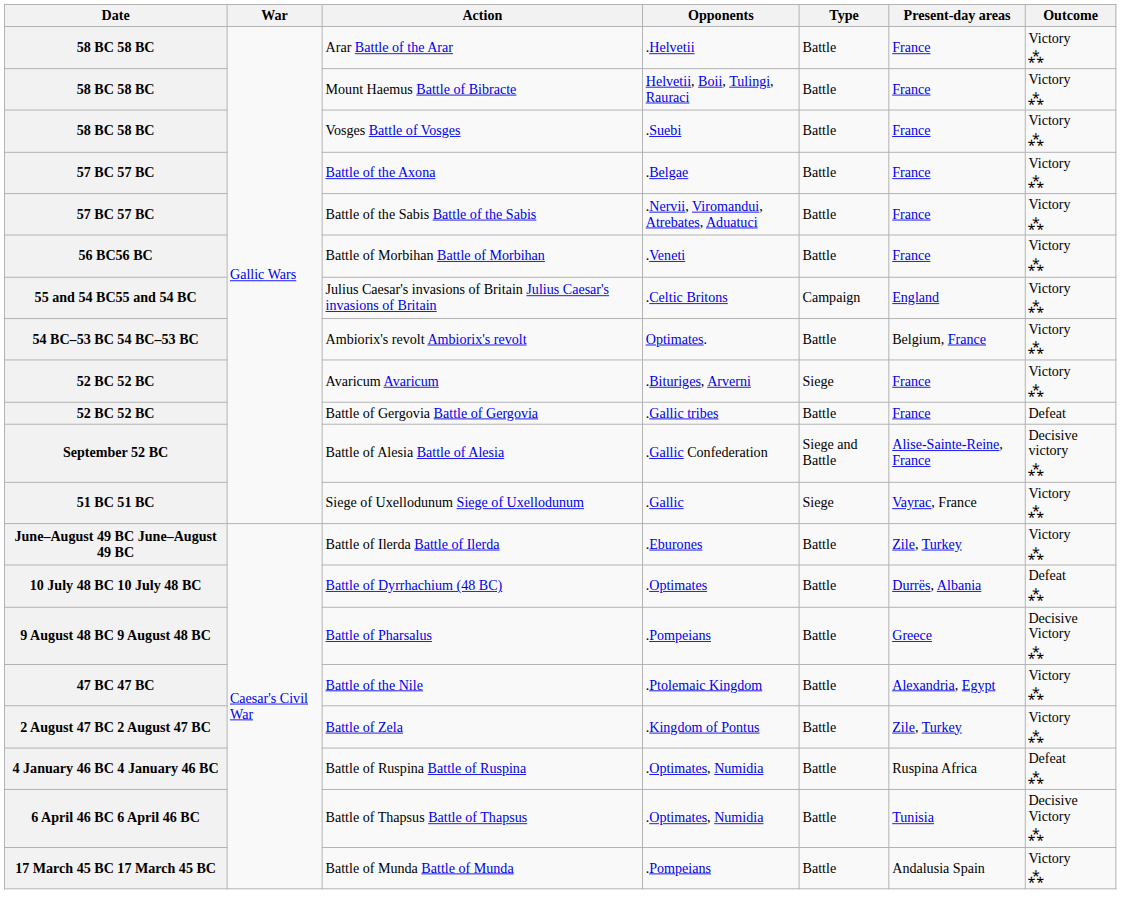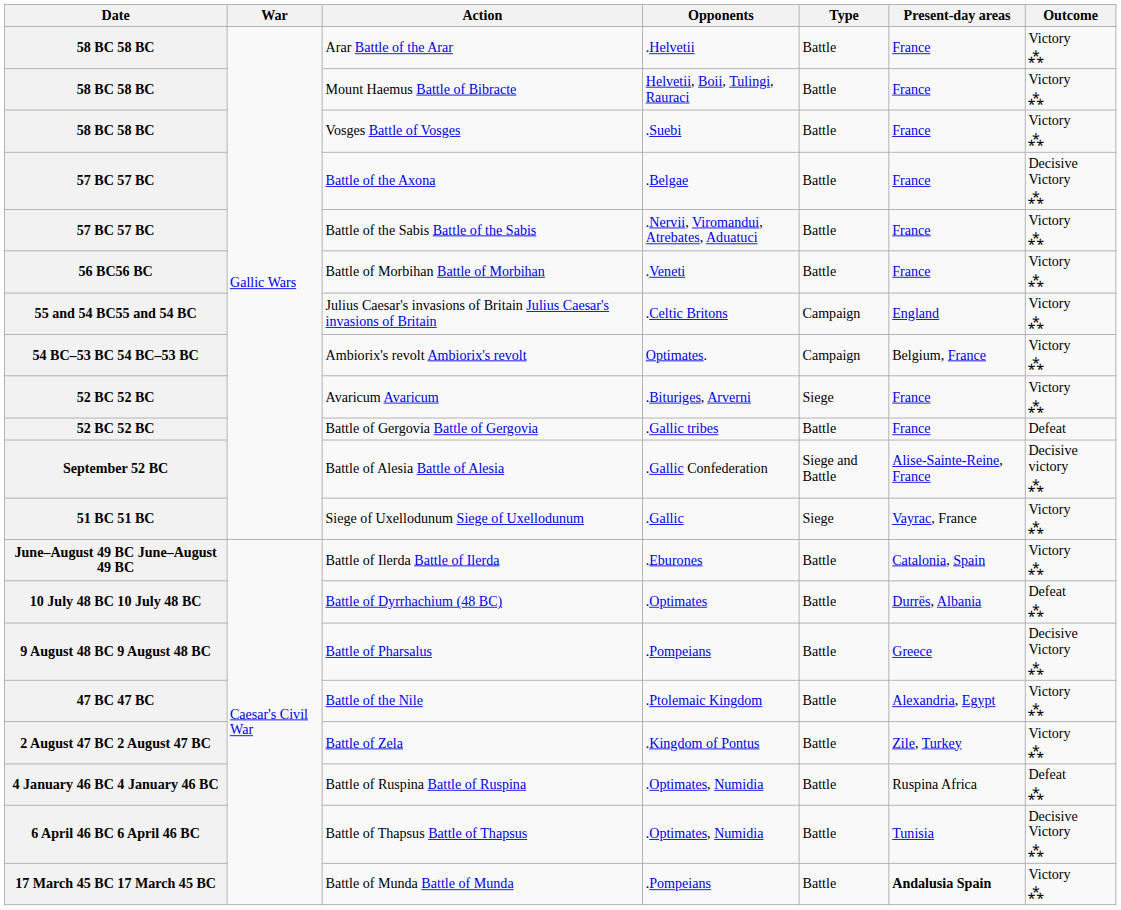 <table class="wikitable sortable" style="width:100%; margin:1em auto 1em auto;">
 <tr>
 <th style="width:20%;">Date</th>
 <th>War</th>
 <th>Action</th>
 <th>Opponents</th>
 <th>Type</th>
 <th>Present-day areas</th>
 <th>Outcome</th>
 </tr>
 <tr>
 <th scope="row"><span>58 BC</span> 58 BC</th>
 <td rowspan="12"><a href='#'>Gallic Wars</a></td>
 <td><span>Arar</span> <a href='#'>Battle of the Arar</a></td>
 <td><span>.</span><a href='#'>Helvetii</a></td>
 <td>Battle</td>
 <td><a href='#'>France</a></td>
 <td>Victory<br><span>⁂</span></td>
 </tr>
 <tr>
 <th scope="row"><span>58 BC</span> 58 BC</th>
 <td><span>Mount Haemus</span> <a href='#'>Battle of Bibracte</a></td>
 <td><a href='#'>Helvetii</a>, <a href='#'>Boii</a>, <a href='#'>Tulingi</a>, <a href='#'>Rauraci</a></td>
 <td>Battle</td>
 <td><a href='#'>France</a></td>
 <td>Victory<br><span>⁂</span></td>
 </tr>
 <tr>
 <th scope="row"><span>58 BC</span> 58 BC</th>
 <td><span>Vosges</span> <a href='#'>Battle of Vosges</a></td>
 <td><span>.</span><a href='#'>Suebi</a></td>
 <td>Battle</td>
 <td><a href='#'>France</a></td>
 <td>Victory<br><span>⁂</span></td>
 </tr>
 <tr>
 <th scope="row"><span>57 BC</span> 57 BC</th>
 <td><a href='#'>Battle of the Axona</a></td>
 <td><span>.</span><a href='#'>Belgae</a></td>
 <td>Battle</td>
 <td><a href='#'>France</a></td>
-<td>Victory<br><span>⁂</span></td>
+<td>Decisive Victory<br><span>⁂</span></td>
 </tr>
 <tr>
 <th scope="row"><span>57 BC</span> 57 BC</th>
 <td><span>Battle of the Sabis</span> <a href='#'>Battle of the Sabis</a></td>
 <td><span>.</span><a href='#'>Nervii</a>, <a href='#'>Viromandui</a>,<br><a href='#'>Atrebates</a>, <a href='#'>Aduatuci</a></td>
 <td>Battle</td>
 <td><a href='#'>France</a></td>
 <td>Victory<br><span>⁂</span></td>
 </tr>
 <tr>
 <th scope="row"><span>56 BC</span>56 BC</th>
 <td><span>Battle of Morbihan</span> <a href='#'>Battle of Morbihan</a></td>
 <td><span>.</span><a href='#'>Veneti</a></td>
 <td>Battle</td>
 <td><a href='#'>France</a></td>
 <td>Victory<br><span>⁂</span></td>
 </tr>
 <tr>
 <th scope="row"><span>55 and 54 BC</span>55 and 54 BC</th>
 <td><span>Julius Caesar's invasions of Britain</span> <a href='#'>Julius Caesar's invasions of Britain</a></td>
 <td><span>.</span><a href='#'>Celtic Britons</a></td>
 <td>Campaign</td>
 <td><a href='#'>England</a></td>
 <td>Victory<br><span>⁂</span></td>
 </tr>
 <tr>
 <th scope="row"><span>54 BC–53 BC</span> 54 BC–53 BC</th>
 <td><span>Ambiorix's revolt</span> <a href='#'>Ambiorix's revolt</a></td>
 <td><a href='#'>Optimates</a><span>.</span></td>
-<td>Battle</td>
+<td>Campaign</td>
 <td>Belgium, <a href='#'>France</a></td>
 <td>Victory<br><span>⁂</span></td>
 </tr>
 <tr>
 <th scope="row"><span>52 BC</span> 52 BC</th>
 <td><span>Avaricum</span> <a href='#'>Avaricum</a></td>
 <td><span>.</span><a href='#'>Bituriges</a>, <a href='#'>Arverni</a></td>
 <td>Siege</td>
 <td><a href='#'>France</a></td>
 <td>Victory<br><span>⁂</span></td>
 </tr>
 <tr>
 <th scope="row"><span>52 BC</span> 52 BC</th>
 <td><span>Battle of Gergovia</span> <a href='#'>Battle of Gergovia</a></td>
 <td><span>.</span><a href='#'>Gallic tribes</a></td>
 <td>Battle</td>
 <td><a href='#'>France</a></td>
 <td>Defeat</td>
 </tr>
 <tr>
 <th scope="row">September 52 BC</th>
 <td><span>Battle of Alesia</span> <a href='#'>Battle of Alesia</a></td>
 <td><span>.</span><a href='#'>Gallic</a> Confederation</td>
 <td>Siege and Battle</td>
 <td><a href='#'>Alise-Sainte-Reine</a>, <a href='#'>France</a></td>
 <td>Decisive victory<br><span>⁂</span></td>
 </tr>
 <tr>
 <th scope="row"><span>51 BC</span> 51 BC</th>
 <td><span>Siege of Uxellodunum</span> <a href='#'>Siege of Uxellodunum</a></td>
 <td><span>.</span><a href='#'>Gallic</a></td>
 <td>Siege</td>
 <td><a href='#'>Vayrac</a>, France</td>
 <td>Victory<br><span>⁂</span></td>
 </tr>
 <tr>
 <th scope="row"><span>June–August 49 BC</span> June–August 49 BC</th>
 <td rowspan="8"><a href='#'>Caesar's Civil War</a></td>
 <td><span>Battle of Ilerda</span> <a href='#'>Battle of Ilerda</a></td>
 <td><span>.</span><a href='#'>Eburones</a></td>
 <td>Battle</td>
-<td><a href='#'>Zile</a>, <a href='#'>Turkey</a></td>
+<td><a href='#'>Catalonia</a>, <a href='#'>Spain</a></td>
 <td>Victory<br><span>⁂</span></td>
 </tr>
 <tr>
 <th scope="row"><span>10 July 48 BC</span> 10 July 48 BC</th>
 <td><a href='#'>Battle of Dyrrhachium (48 BC)</a></td>
 <td><span>.</span><a href='#'>Optimates</a></td>
 <td>Battle</td>
 <td><a href='#'>Durrës</a>, <a href='#'>Albania</a></td>
 <td>Defeat<br><span>⁂</span></td>
 </tr>
 <tr>
 <th scope="row"><span>9 August 48 BC</span> 9 August 48 BC</th>
 <td><a href='#'>Battle of Pharsalus</a></td>
 <td><span>.</span><a href='#'>Pompeians</a></td>
 <td>Battle</td>
 <td><a href='#'>Greece</a></td>
 <td>Decisive Victory<br><span>⁂</span></td>
 </tr>
 <tr>
 <th scope="row"><span>47 BC</span> 47 BC</th>
 <td><a href='#'>Battle of the Nile</a></td>
 <td><span>.</span><a href='#'>Ptolemaic Kingdom</a></td>
 <td>Battle</td>
 <td><a href='#'>Alexandria</a>, <a href='#'>Egypt</a></td>
 <td>Victory<br><span>⁂</span></td>
 </tr>
 <tr>
 <th scope="row"><span>2 August 47 BC</span> 2 August 47 BC</th>
 <td><a href='#'>Battle of Zela</a></td>
 <td><span>.</span><a href='#'>Kingdom of Pontus</a></td>
 <td>Battle</td>
 <td><a href='#'>Zile</a>, <a href='#'>Turkey</a></td>
 <td>Victory<br><span>⁂</span></td>
 </tr>
 <tr>
 <th scope="row"><span>4 January 46 BC</span> 4 January 46 BC</th>
 <td><span>Battle of Ruspina</span> <a href='#'>Battle of Ruspina</a></td>
 <td><span>.</span><a href='#'>Optimates</a>, <a href='#'>Numidia</a></td>
 <td>Battle</td>
 <td>Ruspina Africa</td>
 <td>Defeat<br><span>⁂</span></td>
 </tr>
 <tr>
 <th scope="row"><span>6 April 46 BC</span> 6 April 46 BC</th>
 <td><span>Battle of Thapsus</span> <a href='#'>Battle of Thapsus</a></td>
 <td><span>.</span><a href='#'>Optimates</a>, <a href='#'>Numidia</a></td>
 <td>Battle</td>
 <td><a href='#'>Tunisia</a></td>
 <td>Decisive Victory<br><span>⁂</span></td>
 </tr>
 <tr>
 <th scope="row"><span>17 March 45 BC</span> 17 March 45 BC</th>
 <td><span>Battle of Munda</span> <a href='#'>Battle of Munda</a></td>
 <td><span>.</span><a href='#'>Pompeians</a></td>
 <td>Battle</td>
-<td>Andalusia Spain</td>
+<td><strong>Andalusia Spain</strong></td>
 <td>Victory<br><span>⁂</span></td>
 </tr>
 </table>
